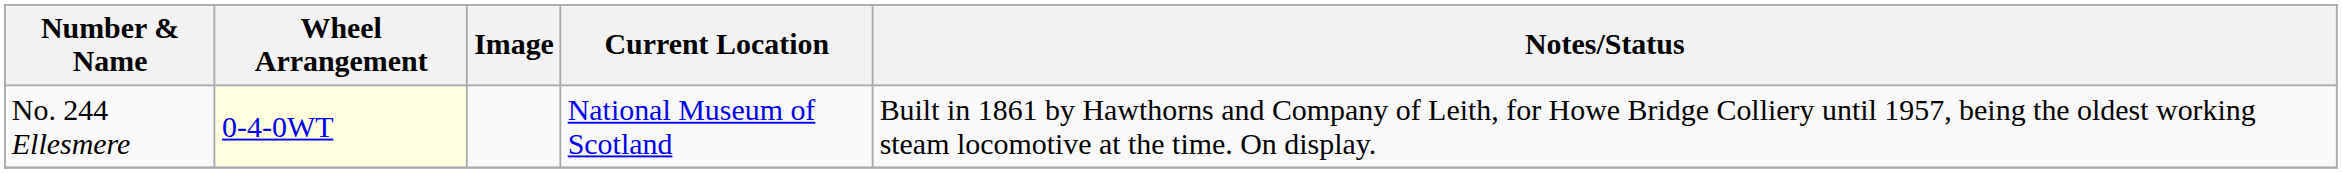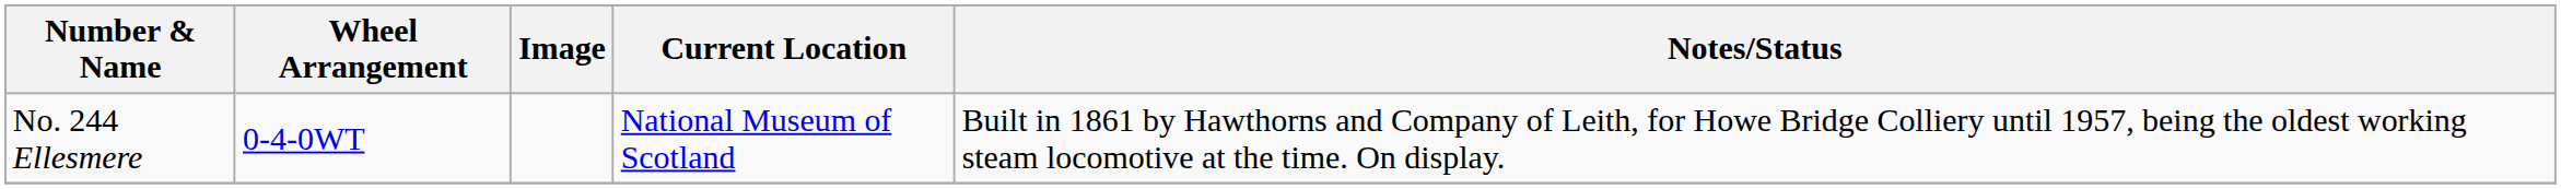 <table class="wikitable sortable">
 <tr>
 <th>Number & Name</th>
 <th>Wheel Arrangement</th>
 <th class="unsortable">Image</th>
 <th>Current Location</th>
 <th>Notes/Status</th>
 </tr>
 <tr>
 <td>No. 244 <em>Ellesmere</em></td>
-<td style="background: lightyellow;"><a href='#'>0-4-0</a><a href='#'>WT</a></td>
+<td><a href='#'>0-4-0</a><a href='#'>WT</a></td>
 <td></td>
 <td><a href='#'>National Museum of Scotland</a></td>
 <td>Built in 1861 by Hawthorns and Company of Leith, for Howe Bridge Colliery until 1957, being the oldest working steam locomotive at the time. On display.</td>
 </tr>
 <tr>
 </tr>
 </table>
